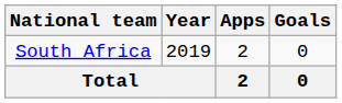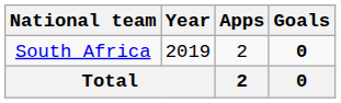 <table class=wikitable style=text-align:center>
 <tr>
 <th>National team</th>
 <th>Year</th>
 <th>Apps</th>
 <th>Goals</th>
 </tr>
 <tr>
 <td rowspan="1"><a href='#'>South Africa</a></td>
 <td>2019</td>
 <td>2</td>
-<td>0</td>
+<td><strong>0</strong></td>
 </tr>
 <tr>
 <th colspan="2">Total</th>
 <th>2</th>
 <th>0</th>
 </tr>
 </table>
